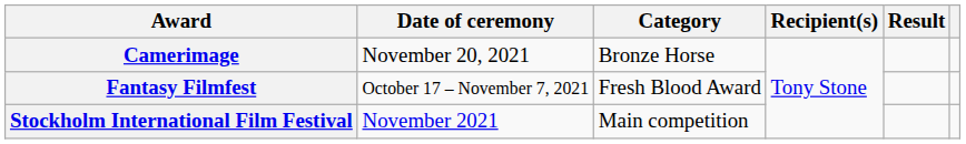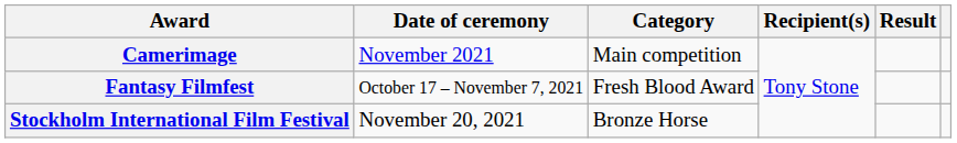 <table class="wikitable plainrowheaders sortable">
 <tr>
 <th scope="col">Award</th>
 <th scope="col">Date of ceremony</th>
 <th scope="col">Category</th>
 <th scope="col">Recipient(s)</th>
 <th scope="col">Result</th>
 <th scope="col" class="unsortable"></th>
 </tr>
 <tr>
 <th scope="row"><a href='#'>Camerimage</a></th>
-<td>November 20, 2021</td>
-<td>Bronze Horse</td>
+<td><a href='#'>November 2021</a></td>
+<td>Main competition</td>
 <td rowspan="3"><a href='#'>Tony Stone</a></td>
 <td></td>
 <td></td>
 </tr>
 <tr>
 <th scope="row"><a href='#'>Fantasy Filmfest</a></th>
 <td><small>October 17 – November 7, 2021</small></td>
 <td>Fresh Blood Award</td>
 <td></td>
 <td></td>
 </tr>
 <tr>
 <th scope="row"><a href='#'>Stockholm International Film Festival</a></th>
-<td><a href='#'>November 2021</a></td>
-<td>Main competition</td>
+<td>November 20, 2021</td>
+<td>Bronze Horse</td>
 <td></td>
 <td></td>
 </tr>
 </table>
